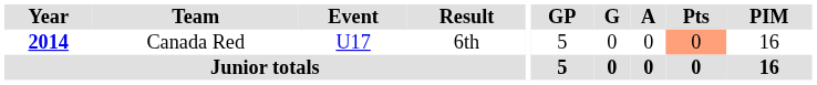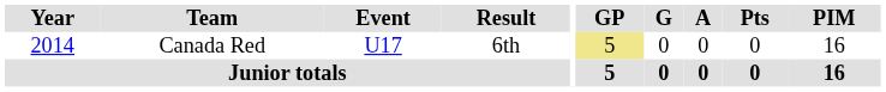 <table border="0" cellpadding="1" cellspacing="0" ID="Table3" style="text-align:center; width:40em;">
 <tr bgcolor="#e0e0e0">
 <th>Year</th>
 <th>Team</th>
 <th>Event</th>
 <th>Result</th>
 <th rowspan="99" bgcolor="#ffffff"></th>
 <th>GP</th>
 <th>G</th>
 <th>A</th>
 <th>Pts</th>
 <th>PIM</th>
 </tr>
 <tr>
-<td><strong><a href='#'>2014</a></strong></td>
+<td><a href='#'>2014</a></td>
 <td>Canada Red</td>
 <td><a href='#'>U17</a></td>
 <td>6th</td>
-<td>5</td>
+<td style="background: khaki;">5</td>
 <td>0</td>
 <td>0</td>
-<td style="background: lightsalmon;">0</td>
+<td>0</td>
 <td>16</td>
 </tr>
 <tr bgcolor="#e0e0e0">
 <th colspan="4">Junior totals</th>
 <th>5</th>
 <th>0</th>
 <th>0</th>
 <th>0</th>
 <th>16</th>
 </tr>
 </table>
